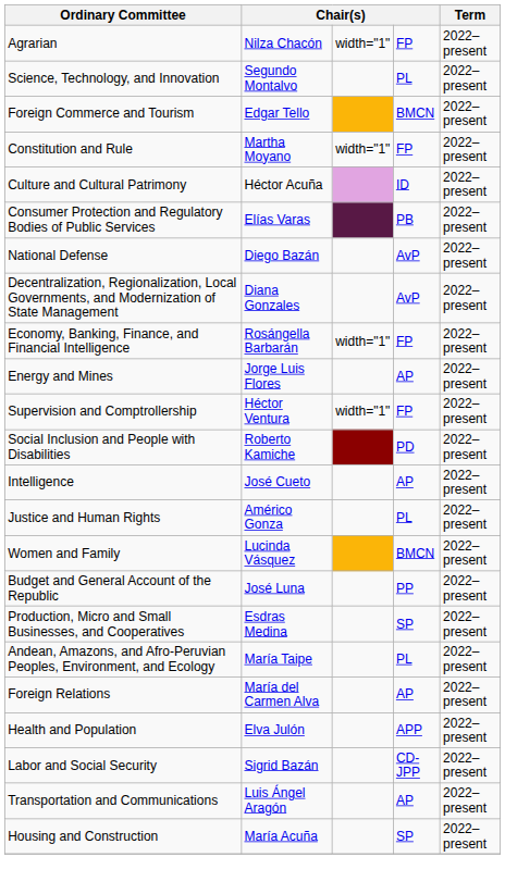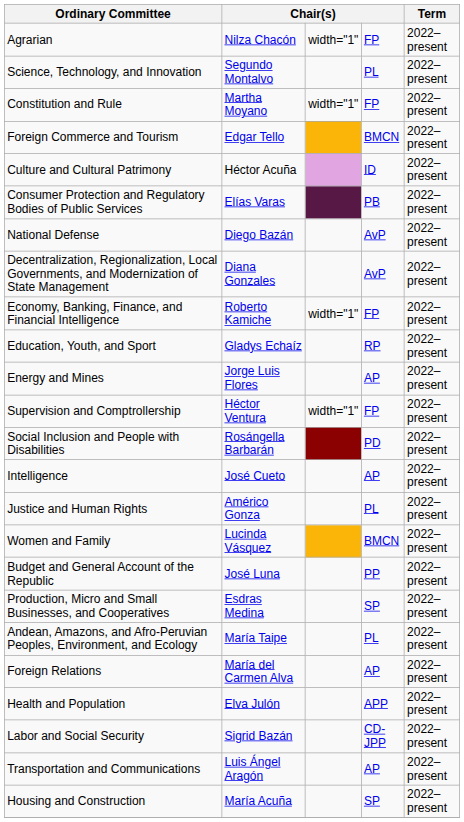 <table class="wikitable">
 <tr>
 <th>Ordinary Committee</th>
 <th colspan="3">Chair(s)</th>
 <th>Term</th>
 </tr>
 <tr>
 <td>Agrarian</td>
 <td><a href='#'>Nilza Chacón</a></td>
 <td>width="1" </td>
 <td><a href='#'>FP</a></td>
 <td>2022–present</td>
 </tr>
 <tr>
 <td>Science, Technology, and Innovation</td>
 <td><a href='#'>Segundo Montalvo</a></td>
 <td></td>
 <td><a href='#'>PL</a></td>
 <td>2022–present</td>
 </tr>
 <tr>
+<td>Constitution and Rule</td>
+<td><a href='#'>Martha Moyano</a></td>
+<td>width="1" </td>
+<td><a href='#'>FP</a></td>
+<td>2022–present</td>
+</tr>
+<tr>
 <td>Foreign Commerce and Tourism</td>
 <td><a href='#'>Edgar Tello</a></td>
 <td bgcolor=#FBB508></td>
 <td><a href='#'>BMCN</a></td>
-<td>2022–present</td>
-</tr>
-<tr>
-<td>Constitution and Rule</td>
-<td><a href='#'>Martha Moyano</a></td>
-<td>width="1" </td>
-<td><a href='#'>FP</a></td>
 <td>2022–present</td>
 </tr>
 <tr>
 <td>Culture and Cultural Patrimony</td>
 <td>Héctor Acuña</td>
 <td bgcolor=#E1A5E1></td>
 <td><a href='#'>ID</a></td>
 <td>2022–present</td>
 </tr>
 <tr>
 <td>Consumer Protection and Regulatory Bodies of Public Services</td>
 <td><a href='#'>Elías Varas</a></td>
 <td bgcolor=#581845></td>
 <td><a href='#'>PB</a></td>
 <td>2022–present</td>
 </tr>
 <tr>
 <td>National Defense</td>
 <td><a href='#'>Diego Bazán</a></td>
 <td></td>
 <td><a href='#'>AvP</a></td>
 <td>2022–present</td>
 </tr>
 <tr>
 <td>Decentralization, Regionalization, Local Governments, and Modernization of State Management</td>
 <td><a href='#'>Diana Gonzales</a></td>
 <td></td>
 <td><a href='#'>AvP</a></td>
 <td>2022–present</td>
 </tr>
 <tr>
 <td>Economy, Banking, Finance, and Financial Intelligence</td>
-<td><a href='#'>Rosángella Barbarán</a></td>
+<td><a href='#'>Roberto Kamiche</a></td>
 <td>width="1" </td>
 <td><a href='#'>FP</a></td>
+<td>2022–present</td>
+</tr>
+<tr>
+<td>Education, Youth, and Sport</td>
+<td><a href='#'>Gladys Echaíz</a></td>
+<td></td>
+<td><a href='#'>RP</a></td>
 <td>2022–present</td>
 </tr>
 <tr>
 <td>Energy and Mines</td>
 <td><a href='#'>Jorge Luis Flores</a></td>
 <td></td>
 <td><a href='#'>AP</a></td>
 <td>2022–present</td>
 </tr>
 <tr>
 <td>Supervision and Comptrollership</td>
 <td><a href='#'>Héctor Ventura</a></td>
 <td>width="1" </td>
 <td><a href='#'>FP</a></td>
 <td>2022–present</td>
 </tr>
 <tr>
 <td>Social Inclusion and People with Disabilities</td>
-<td><a href='#'>Roberto Kamiche</a></td>
+<td><a href='#'>Rosángella Barbarán</a></td>
 <td bgcolor=#8B0000></td>
 <td><a href='#'>PD</a></td>
 <td>2022–present</td>
 </tr>
 <tr>
 <td>Intelligence</td>
 <td><a href='#'>José Cueto</a></td>
 <td></td>
 <td><a href='#'>AP</a></td>
 <td>2022–present</td>
 </tr>
 <tr>
 <td>Justice and Human Rights</td>
 <td><a href='#'>Américo Gonza</a></td>
 <td></td>
 <td><a href='#'>PL</a></td>
 <td>2022–present</td>
 </tr>
 <tr>
 <td>Women and Family</td>
 <td><a href='#'>Lucinda Vásquez</a></td>
 <td bgcolor=#FBB508></td>
 <td><a href='#'>BMCN</a></td>
 <td>2022–present</td>
 </tr>
 <tr>
 <td>Budget and General Account of the Republic</td>
 <td><a href='#'>José Luna</a></td>
 <td></td>
 <td><a href='#'>PP</a></td>
 <td>2022–present</td>
 </tr>
 <tr>
 <td>Production, Micro and Small Businesses, and Cooperatives</td>
 <td><a href='#'>Esdras Medina</a></td>
 <td></td>
 <td><a href='#'>SP</a></td>
 <td>2022–present</td>
 </tr>
 <tr>
 <td>Andean, Amazons, and Afro-Peruvian Peoples, Environment, and Ecology</td>
 <td><a href='#'>María Taipe</a></td>
 <td></td>
 <td><a href='#'>PL</a></td>
 <td>2022–present</td>
 </tr>
 <tr>
 <td>Foreign Relations</td>
 <td><a href='#'>María del Carmen Alva</a></td>
 <td></td>
 <td><a href='#'>AP</a></td>
 <td>2022–present</td>
 </tr>
 <tr>
 <td>Health and Population</td>
 <td><a href='#'>Elva Julón</a></td>
 <td></td>
 <td><a href='#'>APP</a></td>
 <td>2022–present</td>
 </tr>
 <tr>
 <td>Labor and Social Security</td>
 <td><a href='#'>Sigrid Bazán</a></td>
 <td></td>
 <td><a href='#'>CD-JPP</a></td>
 <td>2022–present</td>
 </tr>
 <tr>
 <td>Transportation and Communications</td>
 <td><a href='#'>Luis Ángel Aragón</a></td>
 <td></td>
 <td><a href='#'>AP</a></td>
 <td>2022–present</td>
 </tr>
 <tr>
 <td>Housing and Construction</td>
 <td><a href='#'>María Acuña</a></td>
 <td></td>
 <td><a href='#'>SP</a></td>
 <td>2022–present</td>
 </tr>
 <tr>
 </tr>
 </table>
